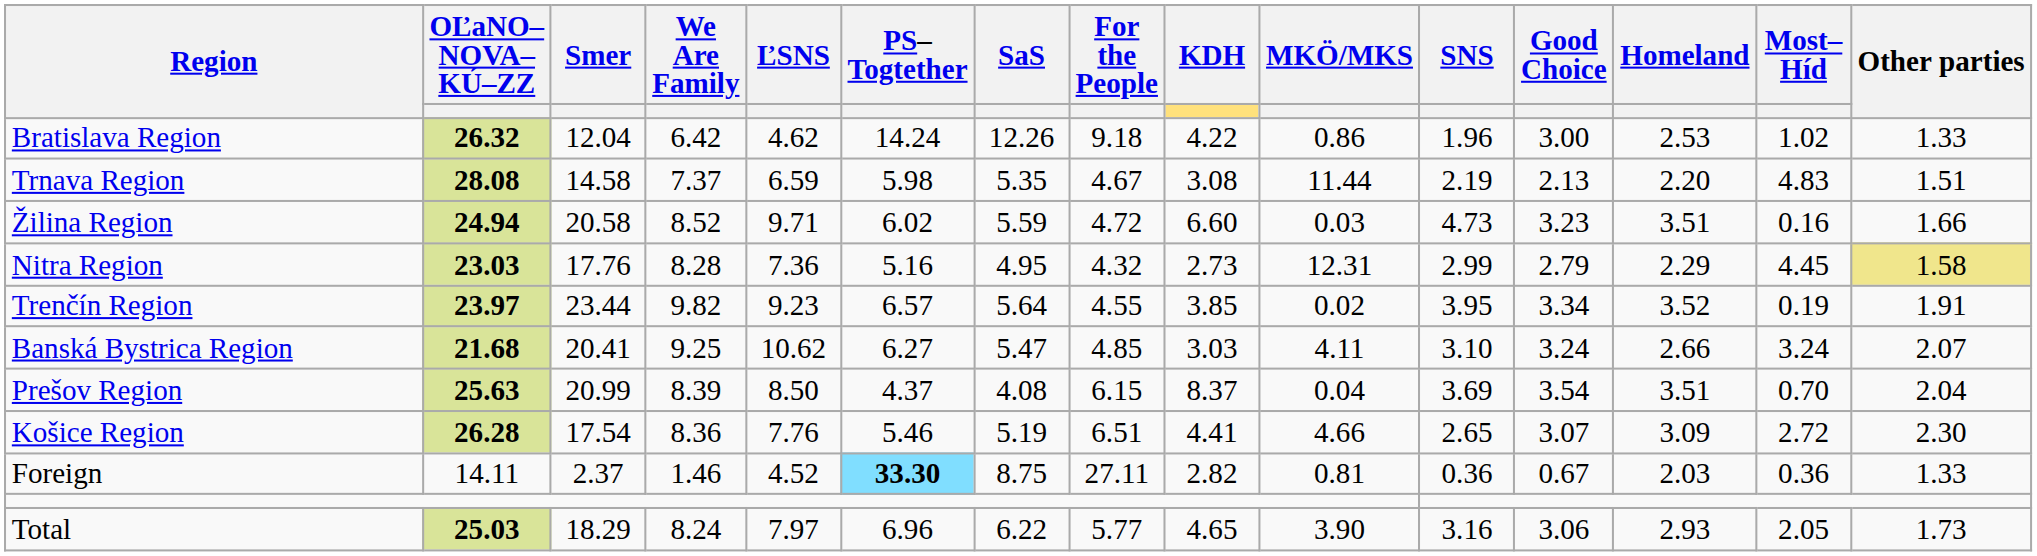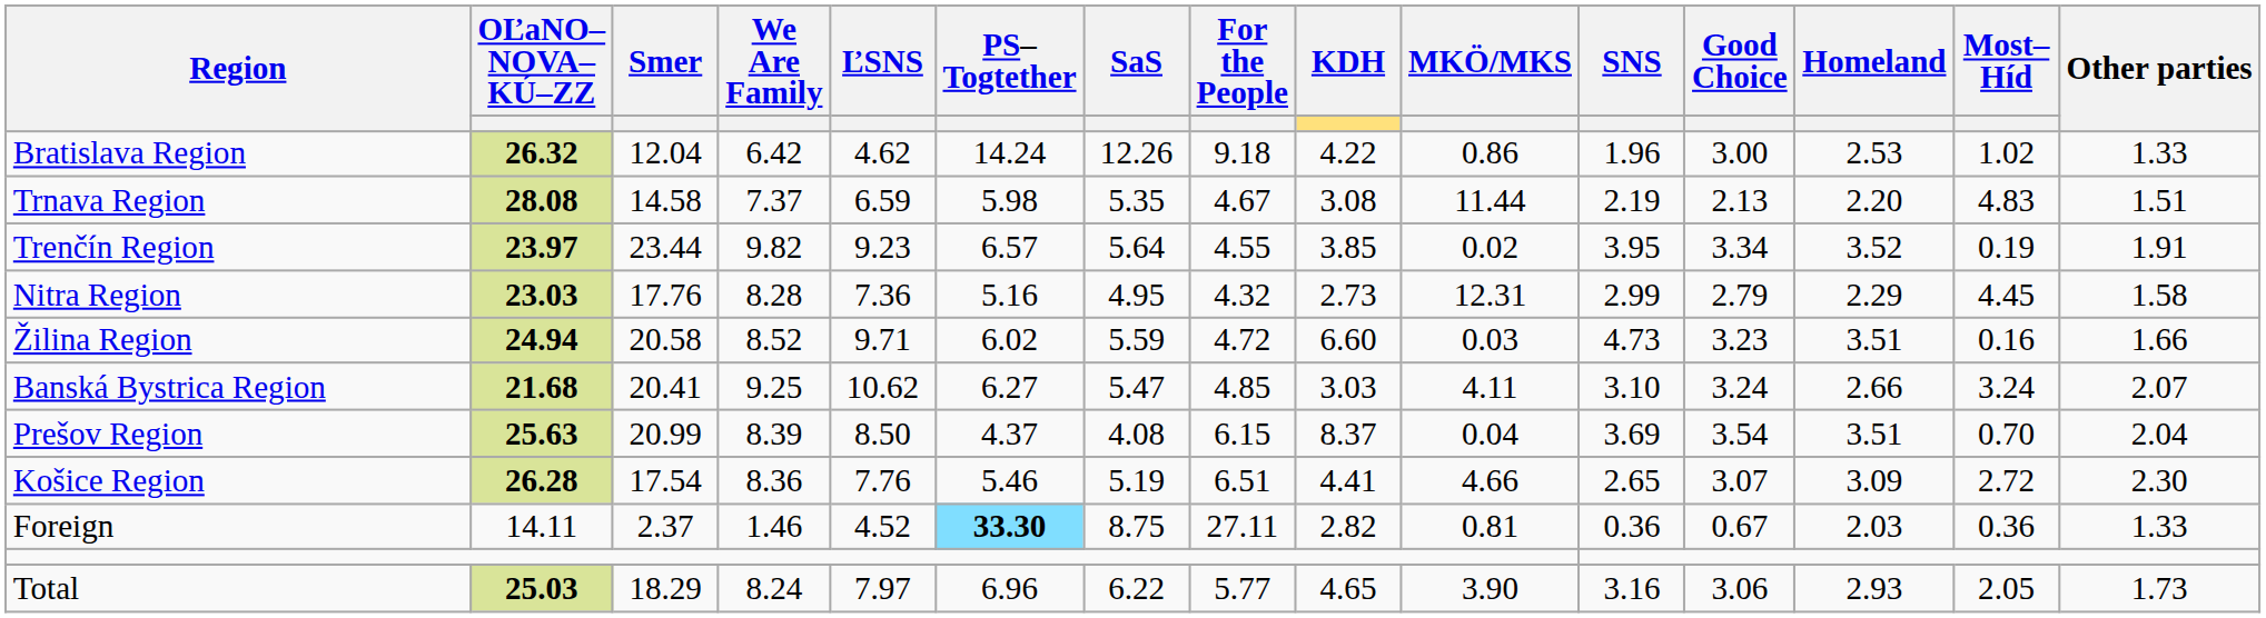 <table class="wikitable sortable nowrap" style="text-align:center;font-size:90%;line-height:14px">
 <tr>
 <th style="width:200px;" rowspan="2"><a href='#'>Region</a></th>
 <th style="width:40px;"><a href='#'>OĽaNO–NOVA–KÚ–ZZ</a></th>
 <th style="width:40px;"><a href='#'>Smer</a></th>
 <th style="width:40px;"><a href='#'>We Are Family</a></th>
 <th style="width:40px;"><a href='#'>ĽSNS</a></th>
 <th style="width:40px;"><a href='#'>PS</a>–<a href='#'>Togtether</a></th>
 <th style="width:40px;"><a href='#'>SaS</a></th>
 <th style="width:40px;"><a href='#'>For the People</a></th>
 <th style="width:40px;"><a href='#'>KDH</a></th>
 <th style="width:40px;"><a href='#'>MKÖ/MKS</a></th>
 <th style="width:40px;"><a href='#'>SNS</a></th>
 <th style="width:40px;"><a href='#'>Good Choice</a></th>
 <th style="width:40px;"><a href='#'>Homeland</a></th>
 <th style="width:40px;"><a href='#'>Most–Híd</a></th>
 <th class="unsortable" style="width:40px;" rowspan="2">Other parties</th>
 </tr>
 <tr>
 <th style="background:"></th>
 <th style="background:"></th>
 <th style="background:"></th>
 <th style="background:"></th>
 <th style="background:"></th>
 <th style="background:"></th>
 <th style="background:"></th>
 <th style="background:#FFE17C"></th>
 <th style="background:"></th>
 <th style="background:"></th>
 <th style="background:"></th>
 <th style="background:"></th>
 <th style="background:"></th>
 </tr>
 <tr>
 <td align="left"><a href='#'>Bratislava Region</a></td>
 <td style="background:#d9e499;"><strong>26.32</strong></td>
 <td>12.04</td>
 <td>6.42</td>
 <td>4.62</td>
 <td>14.24</td>
 <td>12.26</td>
 <td>9.18</td>
 <td>4.22</td>
 <td>0.86</td>
 <td>1.96</td>
 <td>3.00</td>
 <td>2.53</td>
 <td>1.02</td>
 <td>1.33</td>
 </tr>
 <tr>
 <td align="left"><a href='#'>Trnava Region</a></td>
 <td style="background:#d9e499;"><strong>28.08</strong></td>
 <td>14.58</td>
 <td>7.37</td>
 <td>6.59</td>
 <td>5.98</td>
 <td>5.35</td>
 <td>4.67</td>
 <td>3.08</td>
 <td>11.44</td>
 <td>2.19</td>
 <td>2.13</td>
 <td>2.20</td>
 <td>4.83</td>
 <td>1.51</td>
 </tr>
 <tr>
-<td align="left"><a href='#'>Žilina Region</a></td>
-<td style="background:#d9e499;"><strong>24.94</strong></td>
-<td>20.58</td>
-<td>8.52</td>
-<td>9.71</td>
-<td>6.02</td>
-<td>5.59</td>
-<td>4.72</td>
-<td>6.60</td>
-<td>0.03</td>
-<td>4.73</td>
-<td>3.23</td>
-<td>3.51</td>
-<td>0.16</td>
-<td>1.66</td>
+<td align="left"><a href='#'>Trenčín Region</a></td>
+<td style="background:#d9e499;"><strong>23.97</strong></td>
+<td>23.44</td>
+<td>9.82</td>
+<td>9.23</td>
+<td>6.57</td>
+<td>5.64</td>
+<td>4.55</td>
+<td>3.85</td>
+<td>0.02</td>
+<td>3.95</td>
+<td>3.34</td>
+<td>3.52</td>
+<td>0.19</td>
+<td>1.91</td>
 </tr>
 <tr>
 <td align="left"><a href='#'>Nitra Region</a></td>
 <td style="background:#d9e499;"><strong>23.03</strong></td>
 <td>17.76</td>
 <td>8.28</td>
 <td>7.36</td>
 <td>5.16</td>
 <td>4.95</td>
 <td>4.32</td>
 <td>2.73</td>
 <td>12.31</td>
 <td>2.99</td>
 <td>2.79</td>
 <td>2.29</td>
 <td>4.45</td>
-<td style="background: khaki;">1.58</td>
+<td>1.58</td>
 </tr>
 <tr>
-<td align="left"><a href='#'>Trenčín Region</a></td>
-<td style="background:#d9e499;"><strong>23.97</strong></td>
-<td>23.44</td>
-<td>9.82</td>
-<td>9.23</td>
-<td>6.57</td>
-<td>5.64</td>
-<td>4.55</td>
-<td>3.85</td>
-<td>0.02</td>
-<td>3.95</td>
-<td>3.34</td>
-<td>3.52</td>
-<td>0.19</td>
-<td>1.91</td>
+<td align="left"><a href='#'>Žilina Region</a></td>
+<td style="background:#d9e499;"><strong>24.94</strong></td>
+<td>20.58</td>
+<td>8.52</td>
+<td>9.71</td>
+<td>6.02</td>
+<td>5.59</td>
+<td>4.72</td>
+<td>6.60</td>
+<td>0.03</td>
+<td>4.73</td>
+<td>3.23</td>
+<td>3.51</td>
+<td>0.16</td>
+<td>1.66</td>
 </tr>
 <tr>
 <td align="left"><a href='#'>Banská Bystrica Region</a></td>
 <td style="background:#d9e499;"><strong>21.68</strong></td>
 <td>20.41</td>
 <td>9.25</td>
 <td>10.62</td>
 <td>6.27</td>
 <td>5.47</td>
 <td>4.85</td>
 <td>3.03</td>
 <td>4.11</td>
 <td>3.10</td>
 <td>3.24</td>
 <td>2.66</td>
 <td>3.24</td>
 <td>2.07</td>
 </tr>
 <tr>
 <td align="left"><a href='#'>Prešov Region</a></td>
 <td style="background:#d9e499;"><strong>25.63</strong></td>
 <td>20.99</td>
 <td>8.39</td>
 <td>8.50</td>
 <td>4.37</td>
 <td>4.08</td>
 <td>6.15</td>
 <td>8.37</td>
 <td>0.04</td>
 <td>3.69</td>
 <td>3.54</td>
 <td>3.51</td>
 <td>0.70</td>
 <td>2.04</td>
 </tr>
 <tr>
 <td align="left"><a href='#'>Košice Region</a></td>
 <td style="background:#d9e499;"><strong>26.28</strong></td>
 <td>17.54</td>
 <td>8.36</td>
 <td>7.76</td>
 <td>5.46</td>
 <td>5.19</td>
 <td>6.51</td>
 <td>4.41</td>
 <td>4.66</td>
 <td>2.65</td>
 <td>3.07</td>
 <td>3.09</td>
 <td>2.72</td>
 <td>2.30</td>
 </tr>
 <tr>
 <td align="left">Foreign</td>
 <td>14.11</td>
 <td>2.37</td>
 <td>1.46</td>
 <td>4.52</td>
 <td style="background:#80deff;"><strong>33.30</strong></td>
 <td>8.75</td>
 <td>27.11</td>
 <td>2.82</td>
 <td>0.81</td>
 <td>0.36</td>
 <td>0.67</td>
 <td>2.03</td>
 <td>0.36</td>
 <td>1.33</td>
 </tr>
 <tr>
 <td colspan=10></td>
 </tr>
 <tr>
 <td align="left">Total</td>
 <td style="background:#d9e499;"><strong>25.03</strong></td>
 <td>18.29</td>
 <td>8.24</td>
 <td>7.97</td>
 <td>6.96</td>
 <td>6.22</td>
 <td>5.77</td>
 <td>4.65</td>
 <td>3.90</td>
 <td>3.16</td>
 <td>3.06</td>
 <td>2.93</td>
 <td>2.05</td>
 <td>1.73</td>
 </tr>
 </table>
